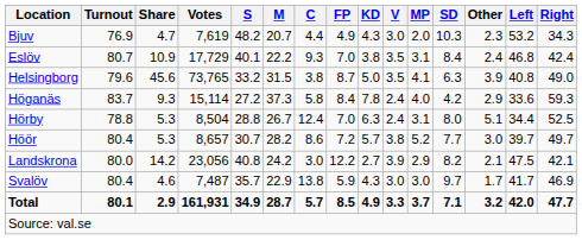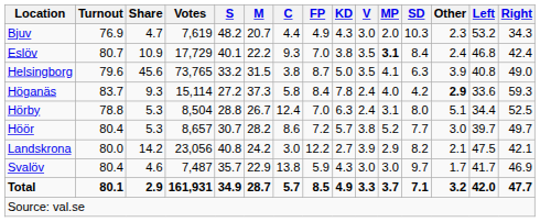 <table class="wikitable sortable" style=text-align:right>
 <tr>
 <th>Location</th>
 <th>Turnout</th>
 <th>Share</th>
 <th>Votes</th>
 <th><a href='#'>S</a></th>
 <th><a href='#'>M</a></th>
 <th><a href='#'>C</a></th>
 <th><a href='#'>FP</a></th>
 <th><a href='#'>KD</a></th>
 <th><a href='#'>V</a></th>
 <th><a href='#'>MP</a></th>
 <th><a href='#'>SD</a></th>
 <th>Other</th>
 <th><a href='#'>Left</a></th>
 <th><a href='#'>Right</a></th>
 </tr>
 <tr>
 <td align=left><a href='#'>Bjuv</a></td>
 <td>76.9</td>
 <td>4.7</td>
 <td>7,619</td>
 <td>48.2</td>
 <td>20.7</td>
 <td>4.4</td>
 <td>4.9</td>
 <td>4.3</td>
 <td>3.0</td>
 <td>2.0</td>
 <td>10.3</td>
 <td>2.3</td>
 <td>53.2</td>
 <td>34.3</td>
 </tr>
 <tr>
 <td align=left><a href='#'>Eslöv</a></td>
 <td>80.7</td>
 <td>10.9</td>
 <td>17,729</td>
 <td>40.1</td>
 <td>22.2</td>
 <td>9.3</td>
 <td>7.0</td>
 <td>3.8</td>
 <td>3.5</td>
-<td>3.1</td>
+<td><strong>3.1</strong></td>
 <td>8.4</td>
 <td>2.4</td>
 <td>46.8</td>
 <td>42.4</td>
 </tr>
 <tr>
 <td align=left><a href='#'>Helsingborg</a></td>
 <td>79.6</td>
 <td>45.6</td>
 <td>73,765</td>
 <td>33.2</td>
 <td>31.5</td>
 <td>3.8</td>
 <td>8.7</td>
 <td>5.0</td>
 <td>3.5</td>
 <td>4.1</td>
 <td>6.3</td>
 <td>3.9</td>
 <td>40.8</td>
 <td>49.0</td>
 </tr>
 <tr>
 <td align=left><a href='#'>Höganäs</a></td>
 <td>83.7</td>
 <td>9.3</td>
 <td>15,114</td>
 <td>27.2</td>
 <td>37.3</td>
 <td>5.8</td>
 <td>8.4</td>
 <td>7.8</td>
 <td>2.4</td>
 <td>4.0</td>
 <td>4.2</td>
-<td>2.9</td>
+<td><strong>2.9</strong></td>
 <td>33.6</td>
 <td>59.3</td>
 </tr>
 <tr>
 <td align=left><a href='#'>Hörby</a></td>
 <td>78.8</td>
 <td>5.3</td>
 <td>8,504</td>
 <td>28.8</td>
 <td>26.7</td>
 <td>12.4</td>
 <td>7.0</td>
 <td>6.3</td>
 <td>2.4</td>
 <td>3.1</td>
 <td>8.0</td>
 <td>5.1</td>
 <td>34.4</td>
 <td>52.5</td>
 </tr>
 <tr>
 <td align=left><a href='#'>Höör</a></td>
 <td>80.4</td>
 <td>5.3</td>
 <td>8,657</td>
 <td>30.7</td>
 <td>28.2</td>
 <td>8.6</td>
 <td>7.2</td>
 <td>5.7</td>
 <td>3.8</td>
 <td>5.2</td>
 <td>7.7</td>
 <td>3.0</td>
 <td>39.7</td>
 <td>49.7</td>
 </tr>
 <tr>
 <td align=left><a href='#'>Landskrona</a></td>
 <td>80.0</td>
 <td>14.2</td>
 <td>23,056</td>
 <td>40.8</td>
 <td>24.2</td>
 <td>3.0</td>
 <td>12.2</td>
 <td>2.7</td>
 <td>3.9</td>
 <td>2.9</td>
 <td>8.2</td>
 <td>2.1</td>
 <td>47.5</td>
 <td>42.1</td>
 </tr>
 <tr>
 <td align=left><a href='#'>Svalöv</a></td>
 <td>80.4</td>
 <td>4.6</td>
 <td>7,487</td>
 <td>35.7</td>
 <td>22.9</td>
 <td>13.8</td>
 <td>5.9</td>
 <td>4.3</td>
 <td>3.0</td>
 <td>3.0</td>
 <td>9.7</td>
 <td>1.7</td>
 <td>41.7</td>
 <td>46.9</td>
 </tr>
 <tr>
 <td align=left><strong>Total</strong></td>
 <td><strong>80.1</strong></td>
 <td><strong>2.9</strong></td>
 <td><strong>161,931</strong></td>
 <td><strong>34.9</strong></td>
 <td><strong>28.7</strong></td>
 <td><strong>5.7</strong></td>
 <td><strong>8.5</strong></td>
 <td><strong>4.9</strong></td>
 <td><strong>3.3</strong></td>
 <td><strong>3.7</strong></td>
 <td><strong>7.1</strong></td>
 <td><strong>3.2</strong></td>
 <td><strong>42.0</strong></td>
 <td><strong>47.7</strong></td>
 </tr>
 <tr>
 <td align=left colspan=15>Source: val.se </td>
 </tr>
 </table>
